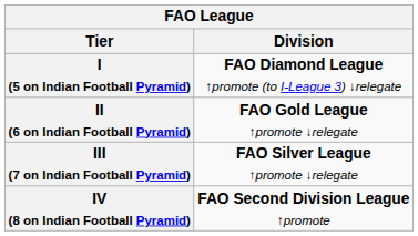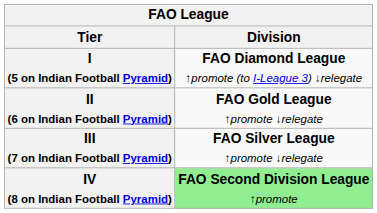 <table class="wikitable" style="text-align:center;">
 <tr>
 <th colspan="2">FAO League</th>
 </tr>
 <tr>
 <th>Tier</th>
 <th>Division</th>
 </tr>
 <tr>
 <th>I<br><sub>(5 on Indian Football <a href='#'>Pyramid</a>)</sub></th>
 <td><strong>FAO Diamond League</strong><br><em><sub>↑promote (to <a href='#'>I-League 3</a>) ↓relegate</sub></em></td>
 </tr>
 <tr>
 <th>II<br><sub>(6 on Indian Football <a href='#'>Pyramid</a>)</sub></th>
 <td><strong>FAO Gold League</strong><br><em><sub>↑promote ↓relegate</sub></em></td>
 </tr>
 <tr>
 <th>III<br><sub>(7 on Indian Football <a href='#'>Pyramid</a>)</sub></th>
 <td><strong>FAO Silver League</strong><br><em><sub>↑promote ↓relegate</sub></em></td>
 </tr>
 <tr>
 <th>IV<br><sub>(8 on Indian Football <a href='#'>Pyramid</a>)</sub></th>
-<td><strong>FAO Second Division League</strong><br><em><sub>↑promote</sub></em></td>
+<td style="background: lightgreen;"><strong>FAO Second Division League</strong><br><em><sub>↑promote</sub></em></td>
 </tr>
 </table>
